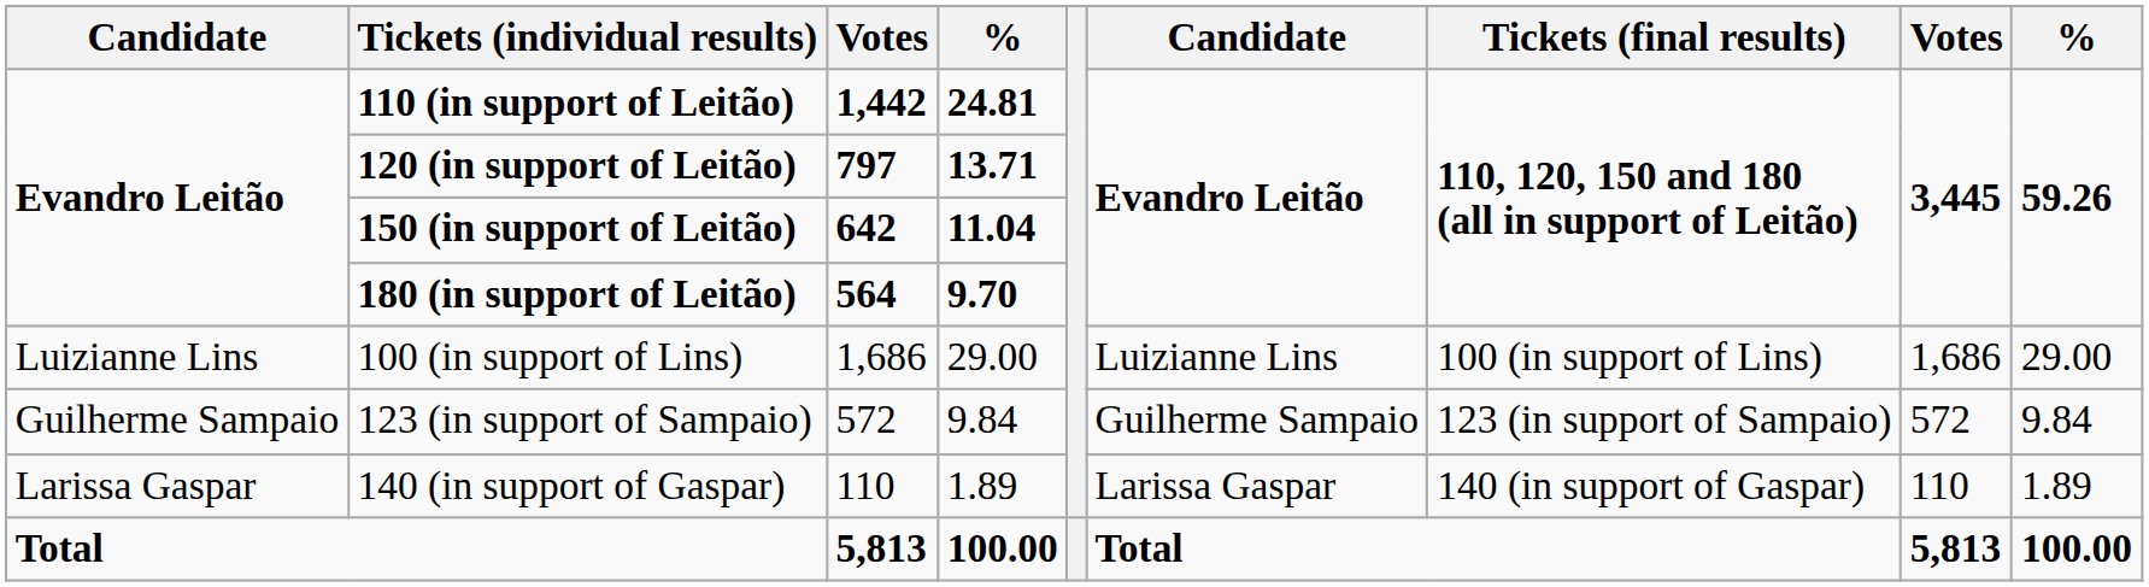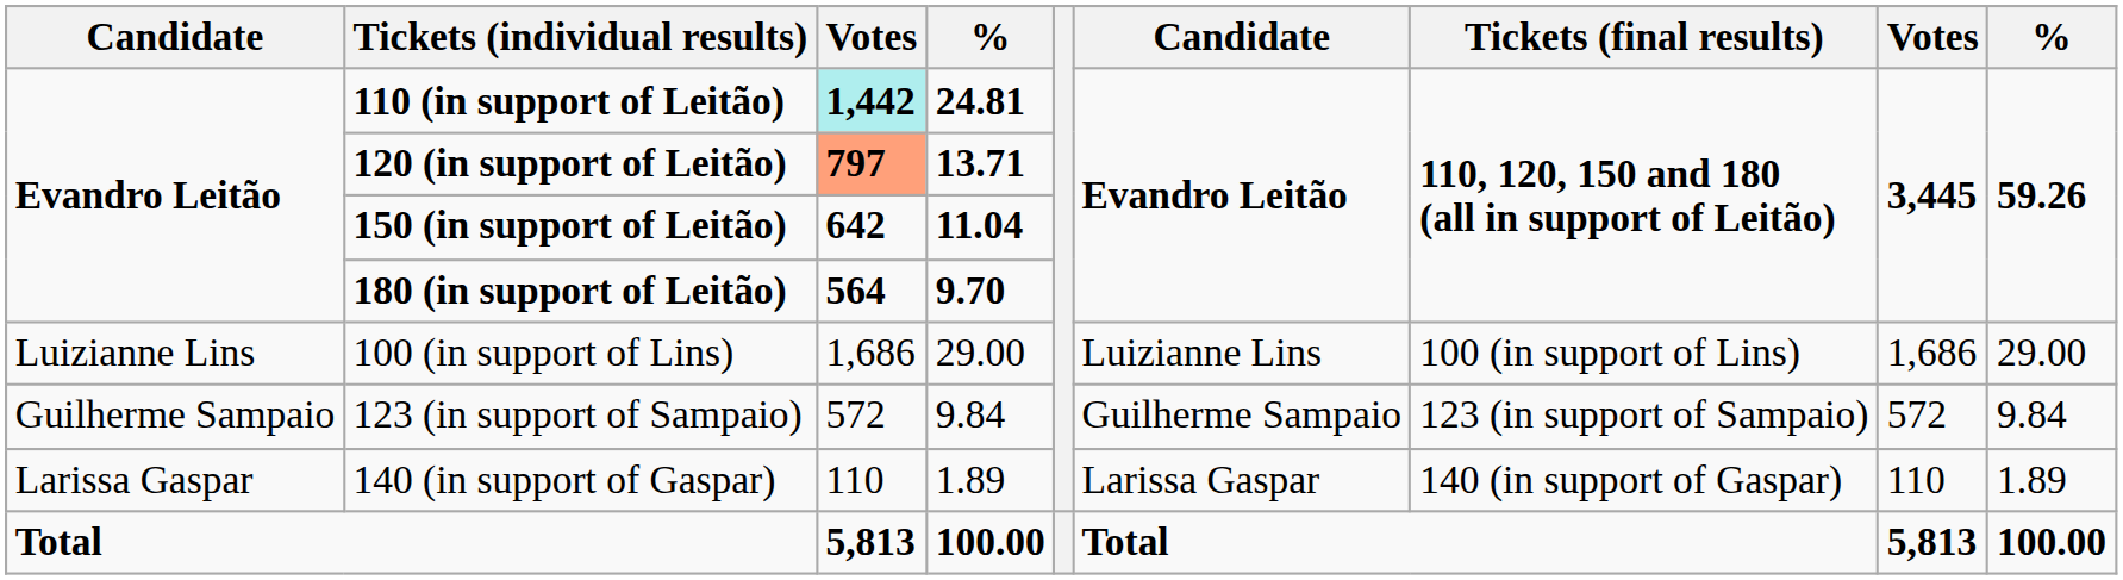 <table class="wikitable">
 <tr>
 <th>Candidate</th>
 <th>Tickets (individual results)</th>
 <th>Votes</th>
 <th>%</th>
 <th rowspan="8"></th>
 <th>Candidate</th>
 <th>Tickets (final results)</th>
 <th>Votes</th>
 <th>%</th>
 </tr>
 <tr>
 <td rowspan="4"><strong>Evandro Leitão</strong> </td>
 <td><strong>110 (in support of Leitão)</strong></td>
-<td><strong>1,442</strong></td>
+<td style="background: paleturquoise;"><strong>1,442</strong></td>
 <td><strong>24.81</strong></td>
 <td rowspan="4"><strong>Evandro Leitão</strong> </td>
 <td rowspan="4"><strong>110, 120, 150 and 180<br>(all in support of Leitão)</strong></td>
 <td rowspan="4"><strong>3,445</strong></td>
 <td rowspan="4"><strong>59.26</strong></td>
 </tr>
 <tr>
 <td><strong>120 (in support of Leitão)</strong></td>
-<td><strong>797</strong></td>
+<td style="background: lightsalmon;"><strong>797</strong></td>
 <td><strong>13.71</strong></td>
 </tr>
 <tr>
 <td><strong>150 (in support of Leitão)</strong></td>
 <td><strong>642</strong></td>
 <td><strong>11.04</strong></td>
 </tr>
 <tr>
 <td><strong>180 (in support of Leitão)</strong></td>
 <td><strong>564</strong></td>
 <td><strong>9.70</strong></td>
 </tr>
 <tr>
 <td>Luizianne Lins</td>
 <td>100 (in support of Lins)</td>
 <td>1,686</td>
 <td>29.00</td>
 <td>Luizianne Lins</td>
 <td>100 (in support of Lins)</td>
 <td>1,686</td>
 <td>29.00</td>
 </tr>
 <tr>
 <td>Guilherme Sampaio</td>
 <td>123 (in support of Sampaio)</td>
 <td>572</td>
 <td>9.84</td>
 <td>Guilherme Sampaio</td>
 <td>123 (in support of Sampaio)</td>
 <td>572</td>
 <td>9.84</td>
 </tr>
 <tr>
 <td>Larissa Gaspar</td>
 <td>140 (in support of Gaspar)</td>
 <td>110</td>
 <td>1.89</td>
 <td>Larissa Gaspar</td>
 <td>140 (in support of Gaspar)</td>
 <td>110</td>
 <td>1.89</td>
 </tr>
 <tr>
 <td colspan="2"><strong>Total</strong></td>
 <td><strong>5,813</strong></td>
 <td><strong>100.00</strong></td>
 <th></th>
 <td colspan="2"><strong>Total</strong></td>
 <td><strong>5,813</strong></td>
 <td><strong>100.00</strong></td>
 </tr>
 </table>
